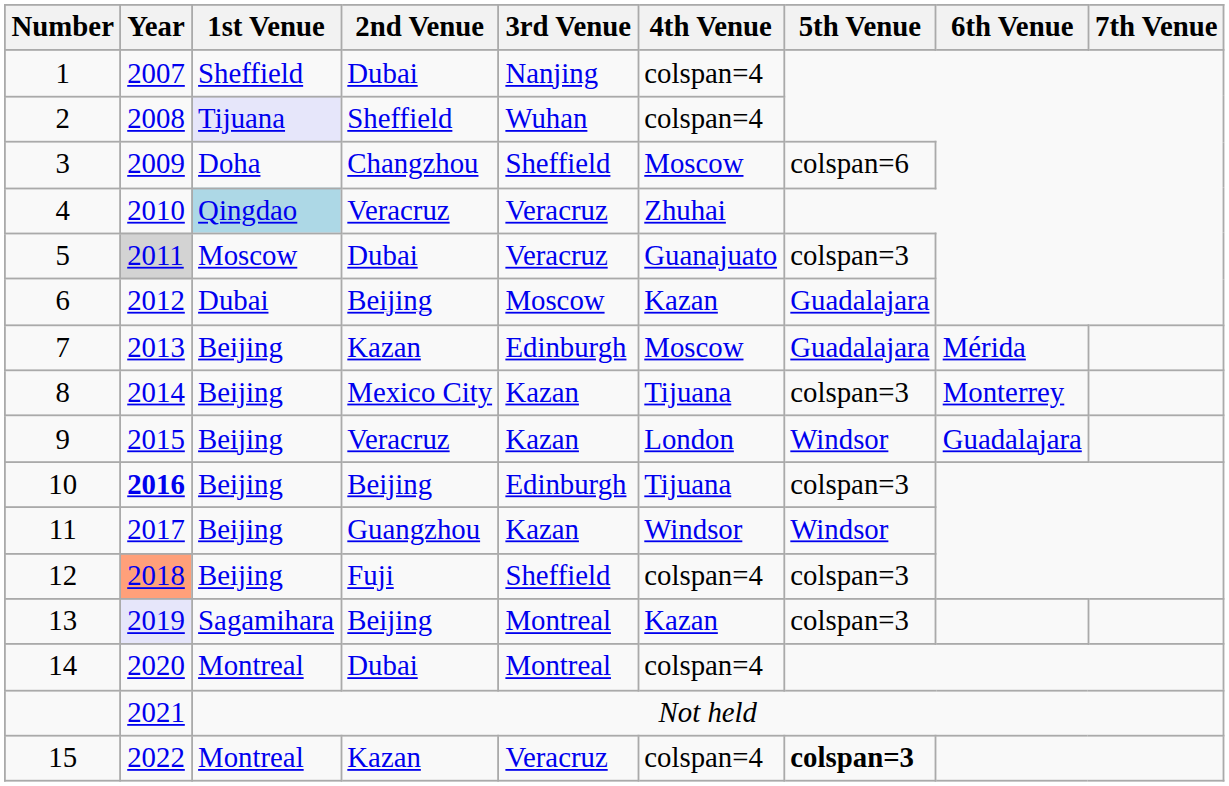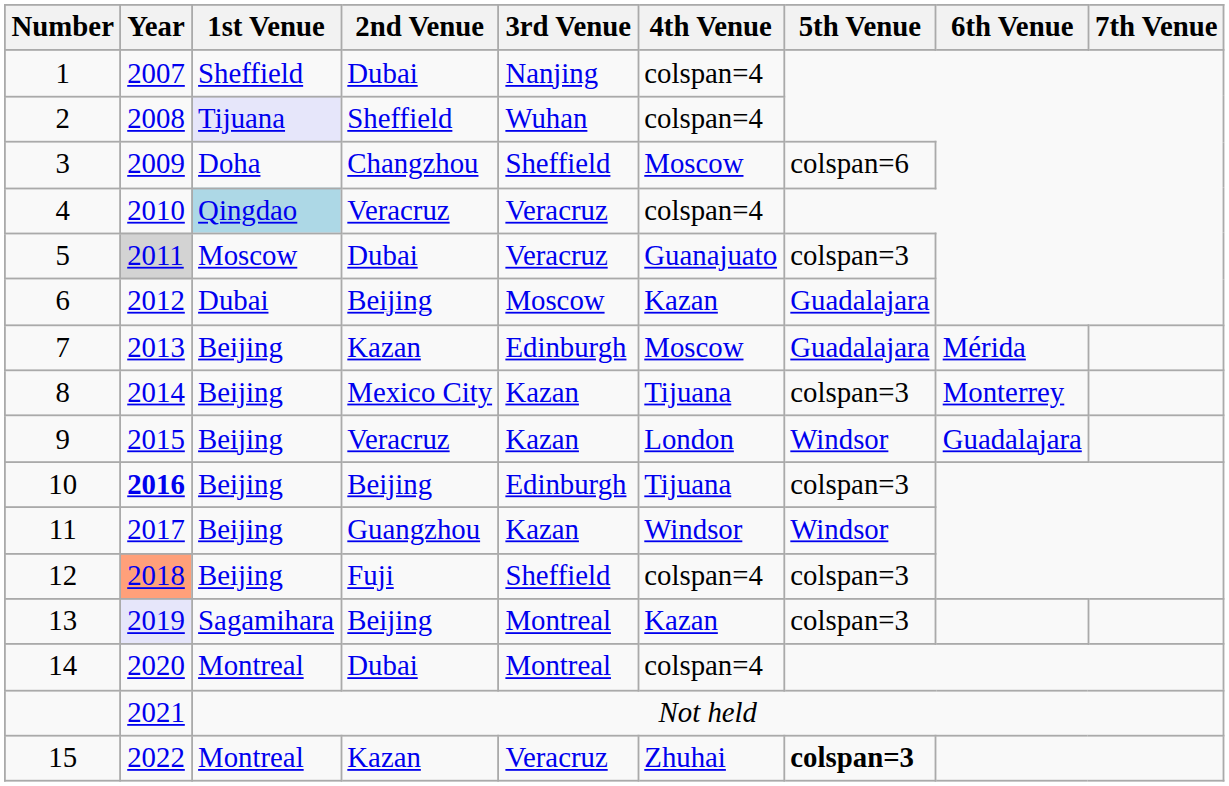 <table class="wikitable">
 <tr>
 <th>Number</th>
 <th>Year</th>
 <th>1st Venue</th>
 <th>2nd Venue</th>
 <th>3rd Venue</th>
 <th>4th Venue</th>
 <th>5th Venue</th>
 <th>6th Venue</th>
 <th>7th Venue</th>
 </tr>
 <tr>
 <td align=center>1</td>
 <td><a href='#'>2007</a></td>
 <td> <a href='#'>Sheffield</a></td>
 <td> <a href='#'>Dubai</a></td>
 <td> <a href='#'>Nanjing</a></td>
 <td>colspan=4 </td>
 </tr>
 <tr>
 <td align=center>2</td>
 <td><a href='#'>2008</a></td>
 <td style="background: lavender;"> <a href='#'>Tijuana</a></td>
 <td> <a href='#'>Sheffield</a></td>
 <td> <a href='#'>Wuhan</a></td>
 <td>colspan=4 </td>
 </tr>
 <tr>
 <td align=center>3</td>
 <td><a href='#'>2009</a></td>
 <td> <a href='#'>Doha</a></td>
 <td> <a href='#'>Changzhou</a></td>
 <td> <a href='#'>Sheffield</a></td>
 <td> <a href='#'>Moscow</a></td>
 <td>colspan=6 </td>
 </tr>
 <tr>
 <td align=center>4</td>
 <td><a href='#'>2010</a></td>
 <td style="background: lightblue;"> <a href='#'>Qingdao</a></td>
 <td> <a href='#'>Veracruz</a></td>
 <td> <a href='#'>Veracruz</a></td>
-<td> <a href='#'>Zhuhai</a></td>
+<td>colspan=4 </td>
 </tr>
 <tr>
 <td align=center>5</td>
 <td style="background: lightgrey;"><a href='#'>2011</a></td>
 <td> <a href='#'>Moscow</a></td>
 <td> <a href='#'>Dubai</a></td>
 <td> <a href='#'>Veracruz</a></td>
 <td> <a href='#'>Guanajuato</a></td>
 <td>colspan=3 </td>
 </tr>
 <tr>
 <td align=center>6</td>
 <td><a href='#'>2012</a></td>
 <td> <a href='#'>Dubai</a></td>
 <td> <a href='#'>Beijing</a></td>
 <td> <a href='#'>Moscow</a></td>
 <td> <a href='#'>Kazan</a></td>
 <td> <a href='#'>Guadalajara</a></td>
 </tr>
 <tr>
 <td align=center>7</td>
 <td><a href='#'>2013</a></td>
 <td> <a href='#'>Beijing</a></td>
 <td> <a href='#'>Kazan</a></td>
 <td> <a href='#'>Edinburgh</a></td>
 <td> <a href='#'>Moscow</a></td>
 <td> <a href='#'>Guadalajara</a></td>
 <td> <a href='#'>Mérida</a></td>
 <td></td>
 </tr>
 <tr>
 <td align=center>8</td>
 <td><a href='#'>2014</a></td>
 <td> <a href='#'>Beijing</a></td>
 <td> <a href='#'>Mexico City</a></td>
 <td> <a href='#'>Kazan</a></td>
 <td> <a href='#'>Tijuana</a></td>
 <td>colspan=3 </td>
 <td> <a href='#'>Monterrey</a></td>
 <td></td>
 </tr>
 <tr>
 <td align=center>9</td>
 <td><a href='#'>2015</a></td>
 <td> <a href='#'>Beijing</a></td>
 <td> <a href='#'>Veracruz</a></td>
 <td> <a href='#'>Kazan</a></td>
 <td> <a href='#'>London</a></td>
 <td> <a href='#'>Windsor</a></td>
 <td> <a href='#'>Guadalajara</a></td>
 <td></td>
 </tr>
 <tr>
 <td align=center>10</td>
 <td><strong><a href='#'>2016</a></strong></td>
 <td> <a href='#'>Beijing</a></td>
 <td> <a href='#'>Beijing</a></td>
 <td> <a href='#'>Edinburgh</a></td>
 <td> <a href='#'>Tijuana</a></td>
 <td>colspan=3 </td>
 </tr>
 <tr>
 <td align=center>11</td>
 <td><a href='#'>2017</a></td>
 <td> <a href='#'>Beijing</a></td>
 <td> <a href='#'>Guangzhou</a></td>
 <td> <a href='#'>Kazan</a></td>
 <td> <a href='#'>Windsor</a></td>
 <td> <a href='#'>Windsor</a></td>
 </tr>
 <tr>
 <td align=center>12</td>
 <td style="background: lightsalmon;"><a href='#'>2018</a></td>
 <td> <a href='#'>Beijing</a></td>
 <td> <a href='#'>Fuji</a></td>
 <td> <a href='#'>Sheffield</a></td>
 <td>colspan=4 </td>
 <td>colspan=3 </td>
 </tr>
 <tr>
 <td align=center>13</td>
 <td style="background: lavender;"><a href='#'>2019</a></td>
 <td> <a href='#'>Sagamihara</a></td>
 <td> <a href='#'>Beijing</a></td>
 <td> <a href='#'>Montreal</a></td>
 <td> <a href='#'>Kazan</a></td>
 <td>colspan=3 </td>
 <td></td>
 <td></td>
 </tr>
 <tr>
 <td align=center>14</td>
 <td><a href='#'>2020</a></td>
 <td> <a href='#'>Montreal</a></td>
 <td> <a href='#'>Dubai</a></td>
 <td> <a href='#'>Montreal</a></td>
 <td>colspan=4 </td>
 </tr>
 <tr>
 <td align=center></td>
 <td><a href='#'>2021</a></td>
 <td align="center" colspan=7><em>Not held</em></td>
 </tr>
 <tr>
 <td align=center>15</td>
 <td><a href='#'>2022</a></td>
 <td> <a href='#'>Montreal</a></td>
 <td> <a href='#'>Kazan</a></td>
 <td> <a href='#'>Veracruz</a></td>
-<td>colspan=4 </td>
+<td> <a href='#'>Zhuhai</a></td>
 <td><strong>colspan=3 </strong></td>
 </tr>
 </table>
